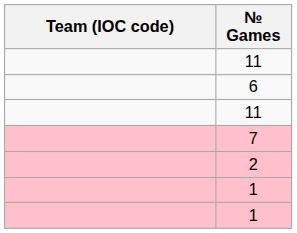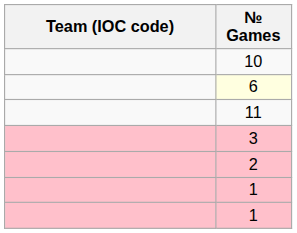 <table class="wikitable sortable" style="margin-top:0em; text-align:center; font-size:90%;">
 <tr>
 <th Width=180>Team (IOC code)</th>
 <th Width=60>№ Games</th>
 </tr>
 <tr>
 <td align=left></td>
-<td>11</td>
+<td>10</td>
 </tr>
 <tr>
 <td align=left></td>
-<td>6</td>
+<td style="background: lightyellow;">6</td>
 </tr>
 <tr>
 <td align=left></td>
 <td>11</td>
 </tr>
 <tr bgcolor=pink>
 <td align=left><em></em></td>
-<td>7</td>
+<td>3</td>
 </tr>
 <tr bgcolor=pink>
 <td align=left><em></em></td>
 <td>2</td>
 </tr>
 <tr bgcolor=pink>
 <td align=left><em></em></td>
 <td>1</td>
 </tr>
 <tr bgcolor=pink>
 <td align=left><em></em></td>
 <td>1</td>
 </tr>
 </table>
